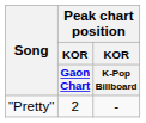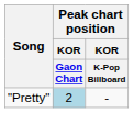 <table class="wikitable sortable" style="text-align:center;">
 <tr>
 <th rowspan="3">Song</th>
 <th colspan="9">Peak chart position</th>
 </tr>
 <tr>
 <th colspan="1" width="30"><small>KOR</small></th>
 <th colspan width="30"><small>KOR</small></th>
 </tr>
 <tr style="font-size:smaller;">
 <th><a href='#'>Gaon Chart</a></th>
 <th width="30"><small>K-Pop Billboard</small></th>
 </tr>
 <tr>
 <td align="left">"Pretty"</td>
-<td>2</td>
+<td style="background: lightblue;">2</td>
 <td>-</td>
 </tr>
 </table>
